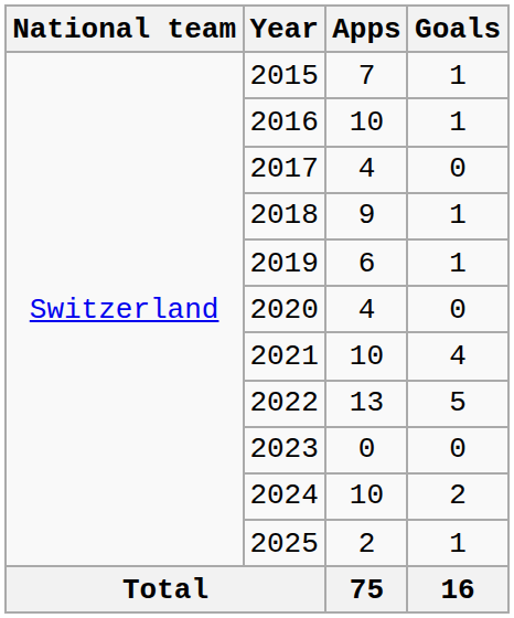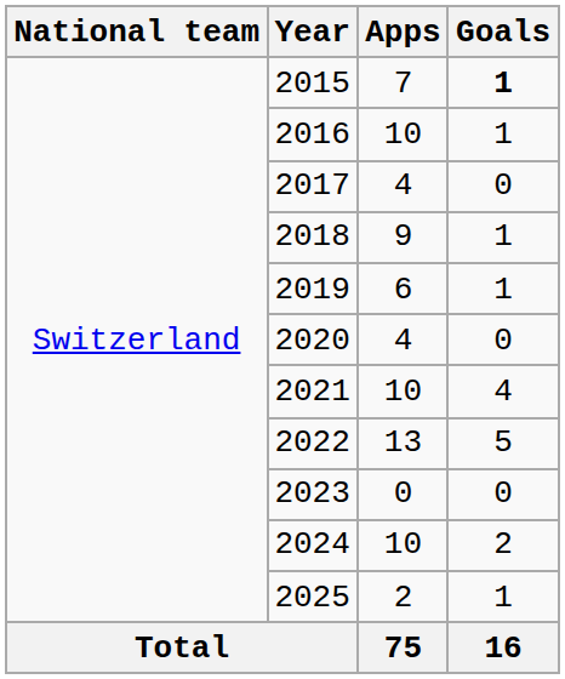 <table class="wikitable" style="text-align:center">
 <tr>
 <th>National team</th>
 <th>Year</th>
 <th>Apps</th>
 <th>Goals</th>
 </tr>
 <tr>
 <td rowspan="11"><a href='#'>Switzerland</a></td>
 <td>2015</td>
 <td>7</td>
-<td>1</td>
+<td><strong>1</strong></td>
 </tr>
 <tr>
 <td>2016</td>
 <td>10</td>
 <td>1</td>
 </tr>
 <tr>
 <td>2017</td>
 <td>4</td>
 <td>0</td>
 </tr>
 <tr>
 <td>2018</td>
 <td>9</td>
 <td>1</td>
 </tr>
 <tr>
 <td>2019</td>
 <td>6</td>
 <td>1</td>
 </tr>
 <tr>
 <td>2020</td>
 <td>4</td>
 <td>0</td>
 </tr>
 <tr>
 <td>2021</td>
 <td>10</td>
 <td>4</td>
 </tr>
 <tr>
 <td>2022</td>
 <td>13</td>
 <td>5</td>
 </tr>
 <tr>
 <td>2023</td>
 <td>0</td>
 <td>0</td>
 </tr>
 <tr>
 <td>2024</td>
 <td>10</td>
 <td>2</td>
 </tr>
 <tr>
 <td>2025</td>
 <td>2</td>
 <td>1</td>
 </tr>
 <tr>
 <th colspan="2">Total</th>
 <th>75</th>
 <th>16</th>
 </tr>
 </table>
